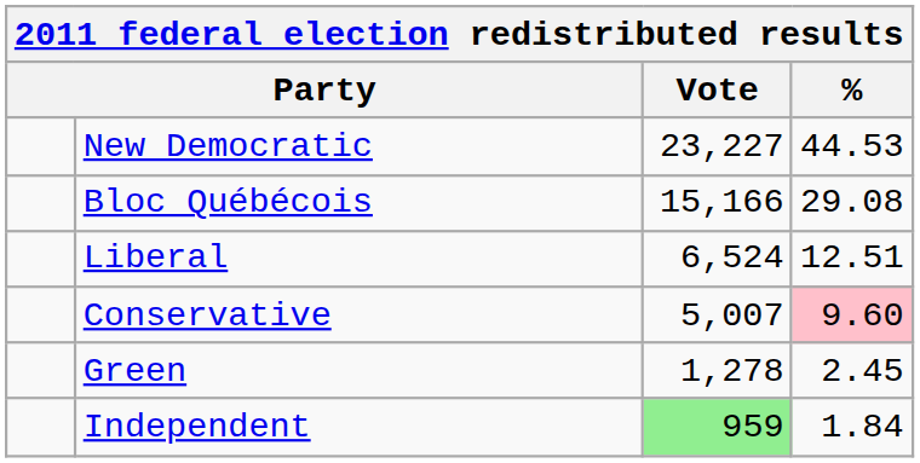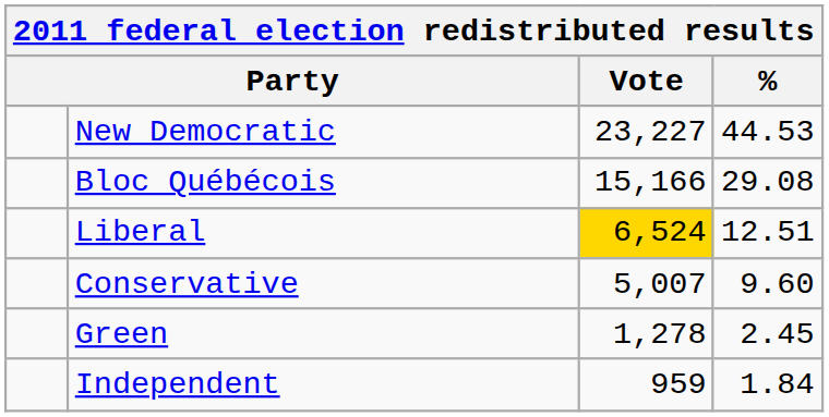 <table class="wikitable">
 <tr>
 <th colspan="4"><a href='#'>2011 federal election</a> redistributed results</th>
 </tr>
 <tr>
 <th bgcolor="#DDDDFF" width="130px" colspan="2">Party</th>
 <th bgcolor="#DDDDFF" width="50px">Vote</th>
 <th bgcolor="#DDDDFF" width="30px">%</th>
 </tr>
 <tr>
 <td> </td>
 <td><a href='#'>New Democratic</a></td>
 <td align=right>23,227</td>
 <td align=right>44.53</td>
 </tr>
 <tr>
 <td> </td>
 <td><a href='#'>Bloc Québécois</a></td>
 <td align=right>15,166</td>
 <td align=right>29.08</td>
 </tr>
 <tr>
 <td> </td>
 <td><a href='#'>Liberal</a></td>
-<td align=right>6,524</td>
+<td align=right style="background: gold;">6,524</td>
 <td align=right>12.51</td>
 </tr>
 <tr>
 <td> </td>
 <td><a href='#'>Conservative</a></td>
 <td align=right>5,007</td>
-<td align=right style="background: pink;">9.60</td>
+<td align=right>9.60</td>
 </tr>
 <tr>
 <td> </td>
 <td><a href='#'>Green</a></td>
 <td align=right>1,278</td>
 <td align=right>2.45</td>
 </tr>
 <tr>
 <td> </td>
 <td><a href='#'>Independent</a></td>
-<td align=right style="background: lightgreen;">959</td>
+<td align=right>959</td>
 <td align=right>1.84</td>
 </tr>
 </table>
